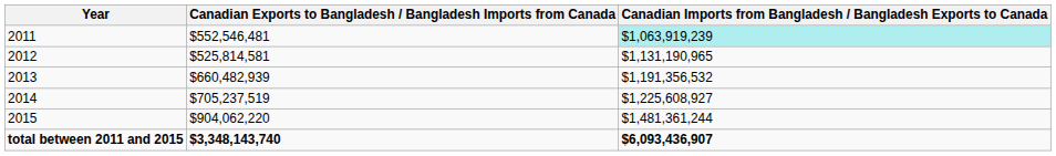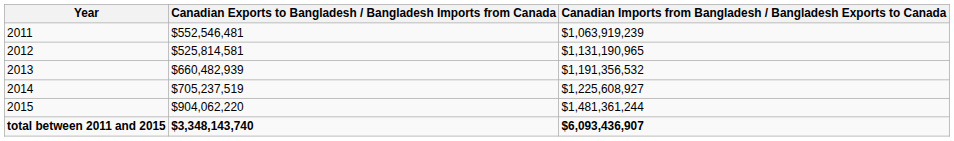 <table class="wikitable">
 <tr>
 <th>Year</th>
 <th>Canadian Exports to Bangladesh / Bangladesh Imports from Canada</th>
 <th>Canadian Imports from Bangladesh / Bangladesh Exports to Canada</th>
 </tr>
 <tr>
 <td>2011</td>
 <td>$552,546,481</td>
-<td style="background: paleturquoise;">$1,063,919,239</td>
+<td>$1,063,919,239</td>
 </tr>
 <tr>
 <td>2012</td>
 <td>$525,814,581</td>
 <td>$1,131,190,965</td>
 </tr>
 <tr>
 <td>2013</td>
 <td>$660,482,939</td>
 <td>$1,191,356,532</td>
 </tr>
 <tr>
 <td>2014</td>
 <td>$705,237,519</td>
 <td>$1,225,608,927</td>
 </tr>
 <tr>
 <td>2015</td>
 <td>$904,062,220</td>
 <td>$1,481,361,244</td>
 </tr>
 <tr>
 <td><strong>total between 2011 and 2015</strong></td>
 <td><strong>$3,348,143,740</strong></td>
 <td><strong>$6,093,436,907</strong></td>
 </tr>
 </table>
